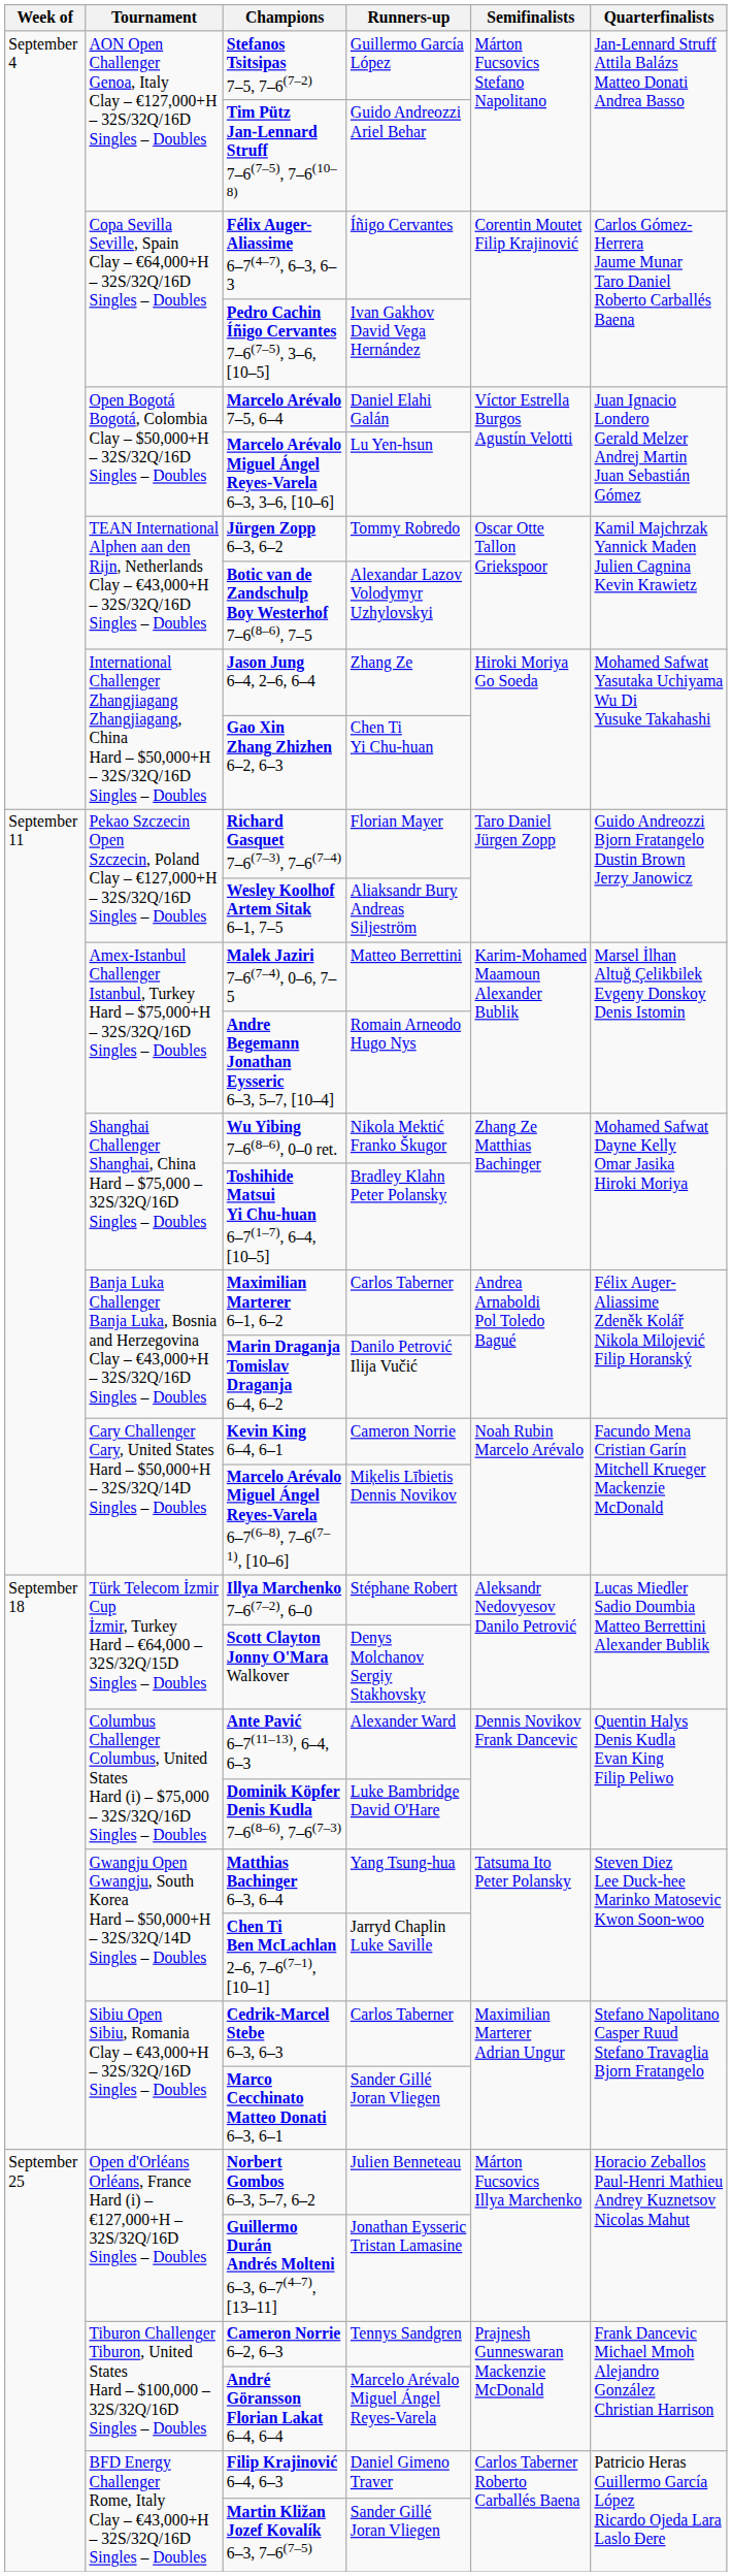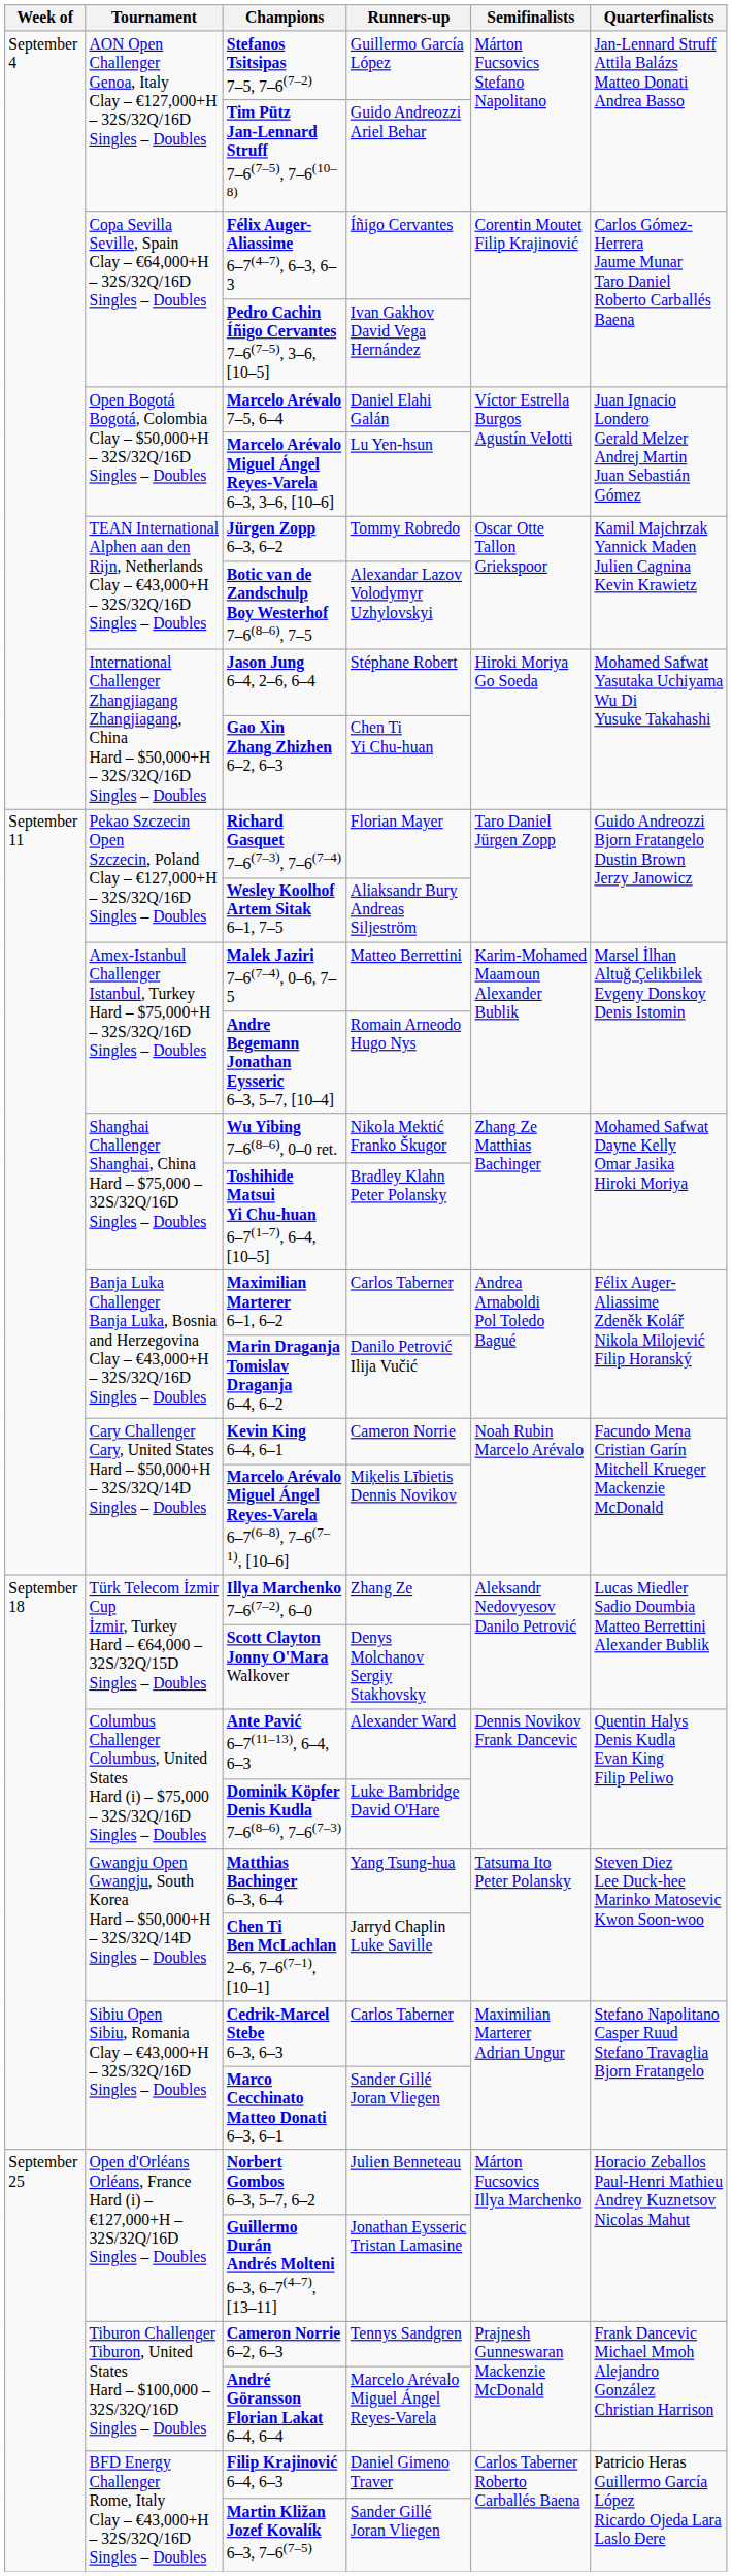 <table class="wikitable" style="font-size:85%;">
 <tr>
 <th width="75">Week of</th>
 <th width="230">Tournament</th>
 <th width="210">Champions</th>
 <th width="210">Runners-up</th>
 <th width="170">Semifinalists</th>
 <th width="170">Quarterfinalists</th>
 </tr>
 <tr valign=top>
 <td rowspan=10>September 4</td>
 <td rowspan=2><a href='#'>AON Open Challenger</a><br><a href='#'>Genoa</a>, Italy <br> Clay – €127,000+H – 32S/32Q/16D<br><a href='#'>Singles</a> – <a href='#'>Doubles</a></td>
 <td> <strong><a href='#'>Stefanos Tsitsipas</a></strong><br> 7–5, 7–6<sup>(7–2)</sup></td>
 <td> <a href='#'>Guillermo García López</a></td>
 <td rowspan=2> <a href='#'>Márton Fucsovics</a> <br>  <a href='#'>Stefano Napolitano</a></td>
 <td rowspan=2> <a href='#'>Jan-Lennard Struff</a> <br> <a href='#'>Attila Balázs</a> <br> <a href='#'>Matteo Donati</a> <br>  <a href='#'>Andrea Basso</a></td>
 </tr>
 <tr valign=top>
 <td> <strong><a href='#'>Tim Pütz</a></strong><br> <strong><a href='#'>Jan-Lennard Struff</a></strong><br>7–6<sup>(7–5)</sup>, 7–6<sup>(10–8)</sup></td>
 <td> <a href='#'>Guido Andreozzi</a><br> <a href='#'>Ariel Behar</a></td>
 </tr>
 <tr valign=top>
 <td rowspan=2><a href='#'>Copa Sevilla</a><br><a href='#'>Seville</a>, Spain <br> Clay – €64,000+H – 32S/32Q/16D<br><a href='#'>Singles</a> – <a href='#'>Doubles</a></td>
 <td> <strong><a href='#'>Félix Auger-Aliassime</a></strong><br>6–7<sup>(4–7)</sup>, 6–3, 6–3</td>
 <td> <a href='#'>Íñigo Cervantes</a></td>
 <td rowspan=2> <a href='#'>Corentin Moutet</a> <br>  <a href='#'>Filip Krajinović</a></td>
 <td rowspan=2> <a href='#'>Carlos Gómez-Herrera</a> <br> <a href='#'>Jaume Munar</a> <br> <a href='#'>Taro Daniel</a> <br>  <a href='#'>Roberto Carballés Baena</a></td>
 </tr>
 <tr valign=top>
 <td> <strong><a href='#'>Pedro Cachin</a></strong><br> <strong><a href='#'>Íñigo Cervantes</a></strong><br>7–6<sup>(7–5)</sup>, 3–6, [10–5]</td>
 <td> <a href='#'>Ivan Gakhov</a><br> <a href='#'>David Vega Hernández</a></td>
 </tr>
 <tr valign=top>
 <td rowspan=2><a href='#'>Open Bogotá</a><br><a href='#'>Bogotá</a>, Colombia <br> Clay – $50,000+H – 32S/32Q/16D<br><a href='#'>Singles</a> – <a href='#'>Doubles</a></td>
 <td> <strong><a href='#'>Marcelo Arévalo</a></strong><br>7–5, 6–4</td>
 <td> <a href='#'>Daniel Elahi Galán</a></td>
 <td rowspan=2> <a href='#'>Víctor Estrella Burgos</a> <br>  <a href='#'>Agustín Velotti</a></td>
 <td rowspan=2> <a href='#'>Juan Ignacio Londero</a> <br> <a href='#'>Gerald Melzer</a> <br> <a href='#'>Andrej Martin</a> <br>  <a href='#'>Juan Sebastián Gómez</a></td>
 </tr>
 <tr valign=top>
 <td> <strong><a href='#'>Marcelo Arévalo</a></strong><br> <strong><a href='#'>Miguel Ángel Reyes-Varela</a></strong><br>6–3, 3–6, [10–6]</td>
 <td> <a href='#'>Lu Yen-hsun</a></td>
 </tr>
 <tr valign=top>
 <td rowspan=2><a href='#'>TEAN International</a><br><a href='#'>Alphen aan den Rijn</a>, Netherlands <br> Clay – €43,000+H – 32S/32Q/16D<br><a href='#'>Singles</a> – <a href='#'>Doubles</a></td>
 <td> <strong><a href='#'>Jürgen Zopp</a></strong><br>6–3, 6–2</td>
 <td> <a href='#'>Tommy Robredo</a></td>
 <td rowspan=2> <a href='#'>Oscar Otte</a> <br>  <a href='#'>Tallon Griekspoor</a></td>
 <td rowspan=2> <a href='#'>Kamil Majchrzak</a> <br> <a href='#'>Yannick Maden</a> <br> <a href='#'>Julien Cagnina</a> <br>  <a href='#'>Kevin Krawietz</a></td>
 </tr>
 <tr valign=top>
 <td> <strong><a href='#'>Botic van de Zandschulp</a></strong><br> <strong><a href='#'>Boy Westerhof</a></strong><br>7–6<sup>(8–6)</sup>, 7–5</td>
 <td> <a href='#'>Alexandar Lazov</a><br> <a href='#'>Volodymyr Uzhylovskyi</a></td>
 </tr>
 <tr valign=top>
 <td rowspan=2><a href='#'>International Challenger Zhangjiagang</a><br><a href='#'>Zhangjiagang</a>, China <br> Hard – $50,000+H – 32S/32Q/16D<br><a href='#'>Singles</a> – <a href='#'>Doubles</a></td>
 <td> <strong><a href='#'>Jason Jung</a></strong><br>6–4, 2–6, 6–4</td>
-<td> <a href='#'>Zhang Ze</a></td>
+<td> <a href='#'>Stéphane Robert</a></td>
 <td rowspan=2> <a href='#'>Hiroki Moriya</a> <br>  <a href='#'>Go Soeda</a></td>
 <td rowspan=2> <a href='#'>Mohamed Safwat</a> <br> <a href='#'>Yasutaka Uchiyama</a> <br> <a href='#'>Wu Di</a> <br>  <a href='#'>Yusuke Takahashi</a></td>
 </tr>
 <tr valign=top>
 <td> <strong><a href='#'>Gao Xin</a></strong><br> <strong><a href='#'>Zhang Zhizhen</a></strong><br>6–2, 6–3</td>
 <td> <a href='#'>Chen Ti</a><br> <a href='#'>Yi Chu-huan</a></td>
 </tr>
 <tr valign=top>
 <td rowspan=10>September 11</td>
 <td rowspan=2><a href='#'>Pekao Szczecin Open</a><br><a href='#'>Szczecin</a>, Poland <br> Clay – €127,000+H – 32S/32Q/16D<br><a href='#'>Singles</a> – <a href='#'>Doubles</a></td>
 <td> <strong><a href='#'>Richard Gasquet</a></strong><br>7–6<sup>(7–3)</sup>, 7–6<sup>(7–4)</sup></td>
 <td> <a href='#'>Florian Mayer</a></td>
 <td rowspan=2> <a href='#'>Taro Daniel</a> <br>  <a href='#'>Jürgen Zopp</a></td>
 <td rowspan=2> <a href='#'>Guido Andreozzi</a> <br> <a href='#'>Bjorn Fratangelo</a> <br> <a href='#'>Dustin Brown</a> <br>  <a href='#'>Jerzy Janowicz</a></td>
 </tr>
 <tr valign=top>
 <td> <strong><a href='#'>Wesley Koolhof</a></strong><br> <strong><a href='#'>Artem Sitak</a></strong><br>6–1, 7–5</td>
 <td> <a href='#'>Aliaksandr Bury</a><br> <a href='#'>Andreas Siljeström</a></td>
 </tr>
 <tr valign=top>
 <td rowspan=2><a href='#'>Amex-Istanbul Challenger</a><br><a href='#'>Istanbul</a>, Turkey <br> Hard – $75,000+H – 32S/32Q/16D<br><a href='#'>Singles</a> – <a href='#'>Doubles</a></td>
 <td> <strong><a href='#'>Malek Jaziri</a></strong><br>7–6<sup>(7–4)</sup>, 0–6, 7–5</td>
 <td> <a href='#'>Matteo Berrettini</a></td>
 <td rowspan=2> <a href='#'>Karim-Mohamed Maamoun</a> <br>  <a href='#'>Alexander Bublik</a></td>
 <td rowspan=2> <a href='#'>Marsel İlhan</a> <br> <a href='#'>Altuğ Çelikbilek</a> <br> <a href='#'>Evgeny Donskoy</a> <br>  <a href='#'>Denis Istomin</a></td>
 </tr>
 <tr valign=top>
 <td> <strong><a href='#'>Andre Begemann</a></strong><br> <strong><a href='#'>Jonathan Eysseric</a></strong><br>6–3, 5–7, [10–4]</td>
 <td> <a href='#'>Romain Arneodo</a><br> <a href='#'>Hugo Nys</a></td>
 </tr>
 <tr valign=top>
 <td rowspan=2><a href='#'>Shanghai Challenger</a><br><a href='#'>Shanghai</a>, China <br> Hard – $75,000 – 32S/32Q/16D<br><a href='#'>Singles</a> – <a href='#'>Doubles</a></td>
 <td> <strong><a href='#'>Wu Yibing</a></strong><br>7–6<sup>(8–6)</sup>, 0–0 ret.</td>
 <td> <a href='#'>Nikola Mektić</a><br> <a href='#'>Franko Škugor</a></td>
 <td rowspan=2> <a href='#'>Zhang Ze</a> <br>  <a href='#'>Matthias Bachinger</a></td>
 <td rowspan=2> <a href='#'>Mohamed Safwat</a> <br> <a href='#'>Dayne Kelly</a> <br> <a href='#'>Omar Jasika</a> <br>  <a href='#'>Hiroki Moriya</a></td>
 </tr>
 <tr valign=top>
 <td> <strong><a href='#'>Toshihide Matsui</a></strong><br> <strong><a href='#'>Yi Chu-huan</a></strong><br>6–7<sup>(1–7)</sup>, 6–4, [10–5]</td>
 <td> <a href='#'>Bradley Klahn</a><br> <a href='#'>Peter Polansky</a></td>
 </tr>
 <tr valign=top>
 <td rowspan=2><a href='#'>Banja Luka Challenger</a><br><a href='#'>Banja Luka</a>, Bosnia and Herzegovina <br> Clay – €43,000+H – 32S/32Q/16D<br><a href='#'>Singles</a> – <a href='#'>Doubles</a></td>
 <td> <strong><a href='#'>Maximilian Marterer</a></strong><br>6–1, 6–2</td>
 <td> <a href='#'>Carlos Taberner</a></td>
 <td rowspan=2> <a href='#'>Andrea Arnaboldi</a> <br>  <a href='#'>Pol Toledo Bagué</a></td>
 <td rowspan=2> <a href='#'>Félix Auger-Aliassime</a> <br> <a href='#'>Zdeněk Kolář</a> <br> <a href='#'>Nikola Milojević</a> <br>  <a href='#'>Filip Horanský</a></td>
 </tr>
 <tr valign=top>
 <td> <strong><a href='#'>Marin Draganja</a></strong><br> <strong><a href='#'>Tomislav Draganja</a></strong><br>6–4, 6–2</td>
 <td> <a href='#'>Danilo Petrović</a><br> Ilija Vučić</td>
 </tr>
 <tr valign=top>
 <td rowspan=2><a href='#'>Cary Challenger</a><br><a href='#'>Cary</a>, United States <br> Hard – $50,000+H – 32S/32Q/14D<br><a href='#'>Singles</a> – <a href='#'>Doubles</a></td>
 <td> <strong><a href='#'>Kevin King</a></strong><br>6–4, 6–1</td>
 <td> <a href='#'>Cameron Norrie</a></td>
 <td rowspan=2> <a href='#'>Noah Rubin</a> <br>  <a href='#'>Marcelo Arévalo</a></td>
 <td rowspan=2> <a href='#'>Facundo Mena</a> <br> <a href='#'>Cristian Garín</a> <br> <a href='#'>Mitchell Krueger</a> <br>  <a href='#'>Mackenzie McDonald</a></td>
 </tr>
 <tr valign=top>
 <td> <strong><a href='#'>Marcelo Arévalo</a></strong><br> <strong><a href='#'>Miguel Ángel Reyes-Varela</a></strong><br>6–7<sup>(6–8)</sup>, 7–6<sup>(7–1)</sup>, [10–6]</td>
 <td> <a href='#'>Miķelis Lībietis</a><br> <a href='#'>Dennis Novikov</a></td>
 </tr>
 <tr valign=top>
 <td rowspan=8>September 18</td>
 <td rowspan=2><a href='#'>Türk Telecom İzmir Cup</a><br><a href='#'>İzmir</a>, Turkey <br> Hard – €64,000 – 32S/32Q/15D<br><a href='#'>Singles</a> – <a href='#'>Doubles</a></td>
 <td> <strong><a href='#'>Illya Marchenko</a></strong><br>7–6<sup>(7–2)</sup>, 6–0</td>
-<td> <a href='#'>Stéphane Robert</a></td>
+<td> <a href='#'>Zhang Ze</a></td>
 <td rowspan=2> <a href='#'>Aleksandr Nedovyesov</a> <br>  <a href='#'>Danilo Petrović</a></td>
 <td rowspan=2> <a href='#'>Lucas Miedler</a> <br> <a href='#'>Sadio Doumbia</a> <br> <a href='#'>Matteo Berrettini</a> <br>  <a href='#'>Alexander Bublik</a></td>
 </tr>
 <tr valign=top>
 <td> <strong><a href='#'>Scott Clayton</a></strong><br> <strong><a href='#'>Jonny O'Mara</a></strong><br>Walkover</td>
 <td> <a href='#'>Denys Molchanov</a><br> <a href='#'>Sergiy Stakhovsky</a></td>
 </tr>
 <tr valign=top>
 <td rowspan=2><a href='#'>Columbus Challenger</a><br><a href='#'>Columbus</a>, United States <br> Hard (i) – $75,000 – 32S/32Q/16D<br><a href='#'>Singles</a> – <a href='#'>Doubles</a></td>
 <td> <strong><a href='#'>Ante Pavić</a></strong><br>6–7<sup>(11–13)</sup>, 6–4, 6–3</td>
 <td> <a href='#'>Alexander Ward</a></td>
 <td rowspan=2> <a href='#'>Dennis Novikov</a> <br>  <a href='#'>Frank Dancevic</a></td>
 <td rowspan=2> <a href='#'>Quentin Halys</a> <br> <a href='#'>Denis Kudla</a> <br> <a href='#'>Evan King</a> <br>  <a href='#'>Filip Peliwo</a></td>
 </tr>
 <tr valign=top>
 <td> <strong><a href='#'>Dominik Köpfer</a></strong><br> <strong><a href='#'>Denis Kudla</a></strong><br>7–6<sup>(8–6)</sup>, 7–6<sup>(7–3)</sup></td>
 <td> <a href='#'>Luke Bambridge</a><br> <a href='#'>David O'Hare</a></td>
 </tr>
 <tr valign=top>
 <td rowspan=2><a href='#'>Gwangju Open</a><br><a href='#'>Gwangju</a>, South Korea <br> Hard – $50,000+H – 32S/32Q/14D<br><a href='#'>Singles</a> – <a href='#'>Doubles</a></td>
 <td> <strong><a href='#'>Matthias Bachinger</a></strong><br>6–3, 6–4</td>
 <td> <a href='#'>Yang Tsung-hua</a></td>
 <td rowspan=2> <a href='#'>Tatsuma Ito</a> <br>   <a href='#'>Peter Polansky</a></td>
 <td rowspan=2> <a href='#'>Steven Diez</a> <br> <a href='#'>Lee Duck-hee</a> <br> <a href='#'>Marinko Matosevic</a> <br>  <a href='#'>Kwon Soon-woo</a></td>
 </tr>
 <tr valign=top>
 <td> <strong><a href='#'>Chen Ti</a></strong><br> <strong><a href='#'>Ben McLachlan</a></strong><br>2–6, 7–6<sup>(7–1)</sup>, [10–1]</td>
 <td> Jarryd Chaplin<br> <a href='#'>Luke Saville</a></td>
 </tr>
 <tr valign=top>
 <td rowspan=2><a href='#'>Sibiu Open</a><br><a href='#'>Sibiu</a>, Romania <br> Clay – €43,000+H – 32S/32Q/16D<br><a href='#'>Singles</a> – <a href='#'>Doubles</a></td>
 <td> <strong><a href='#'>Cedrik-Marcel Stebe</a></strong><br>6–3, 6–3</td>
 <td> <a href='#'>Carlos Taberner</a></td>
 <td rowspan=2> <a href='#'>Maximilian Marterer</a> <br>  <a href='#'>Adrian Ungur</a></td>
 <td rowspan=2> <a href='#'>Stefano Napolitano</a> <br> <a href='#'>Casper Ruud</a> <br> <a href='#'>Stefano Travaglia</a> <br>  <a href='#'>Bjorn Fratangelo</a></td>
 </tr>
 <tr valign=top>
 <td> <strong><a href='#'>Marco Cecchinato</a></strong><br><strong> <a href='#'>Matteo Donati</a></strong><br>6–3, 6–1</td>
 <td> <a href='#'>Sander Gillé</a><br> <a href='#'>Joran Vliegen</a></td>
 </tr>
 <tr valign=top>
 <td rowspan=6>September 25</td>
 <td rowspan=2><a href='#'>Open d'Orléans</a><br><a href='#'>Orléans</a>, France <br> Hard (i) – €127,000+H – 32S/32Q/16D<br><a href='#'>Singles</a> – <a href='#'>Doubles</a></td>
 <td> <strong><a href='#'>Norbert Gombos</a></strong><br>6–3, 5–7, 6–2</td>
 <td> <a href='#'>Julien Benneteau</a></td>
 <td rowspan=2> <a href='#'>Márton Fucsovics</a> <br>  <a href='#'>Illya Marchenko</a></td>
 <td rowspan=2> <a href='#'>Horacio Zeballos</a> <br> <a href='#'>Paul-Henri Mathieu</a> <br> <a href='#'>Andrey Kuznetsov</a> <br>  <a href='#'>Nicolas Mahut</a></td>
 </tr>
 <tr valign=top>
 <td> <strong><a href='#'>Guillermo Durán</a></strong><br> <strong><a href='#'>Andrés Molteni</a></strong><br>6–3, 6–7<sup>(4–7)</sup>, [13–11]</td>
 <td> <a href='#'>Jonathan Eysseric</a><br> <a href='#'>Tristan Lamasine</a></td>
 </tr>
 <tr valign=top>
 <td rowspan=2><a href='#'>Tiburon Challenger</a><br><a href='#'>Tiburon</a>, United States <br> Hard – $100,000 – 32S/32Q/16D<br><a href='#'>Singles</a> – <a href='#'>Doubles</a></td>
 <td> <strong><a href='#'>Cameron Norrie</a></strong><br>6–2, 6–3</td>
 <td> <a href='#'>Tennys Sandgren</a></td>
 <td rowspan=2> <a href='#'>Prajnesh Gunneswaran</a> <br>  <a href='#'>Mackenzie McDonald</a></td>
 <td rowspan=2> <a href='#'>Frank Dancevic</a> <br> <a href='#'>Michael Mmoh</a> <br> <a href='#'>Alejandro González</a> <br>  <a href='#'>Christian Harrison</a></td>
 </tr>
 <tr valign=top>
 <td> <strong><a href='#'>André Göransson</a></strong><br> <strong><a href='#'>Florian Lakat</a></strong><br>6–4, 6–4</td>
 <td> <a href='#'>Marcelo Arévalo</a><br> <a href='#'>Miguel Ángel Reyes-Varela</a></td>
 </tr>
 <tr valign=top>
 <td rowspan=2><a href='#'>BFD Energy Challenger</a><br>Rome, Italy <br> Clay – €43,000+H – 32S/32Q/16D<br><a href='#'>Singles</a> – <a href='#'>Doubles</a></td>
 <td> <strong><a href='#'>Filip Krajinović</a></strong><br>6–4, 6–3</td>
 <td> <a href='#'>Daniel Gimeno Traver</a></td>
 <td rowspan=2> <a href='#'>Carlos Taberner</a> <br>  <a href='#'>Roberto Carballés Baena</a></td>
 <td rowspan=2> Patricio Heras <br> <a href='#'>Guillermo García López</a> <br> <a href='#'>Ricardo Ojeda Lara</a> <br>  <a href='#'>Laslo Đere</a></td>
 </tr>
 <tr valign=top>
 <td> <strong><a href='#'>Martin Kližan</a></strong><br> <strong><a href='#'>Jozef Kovalík</a></strong><br>6–3, 7–6<sup>(7–5)</sup></td>
 <td> <a href='#'>Sander Gillé</a><br> <a href='#'>Joran Vliegen</a></td>
 </tr>
 </table>
